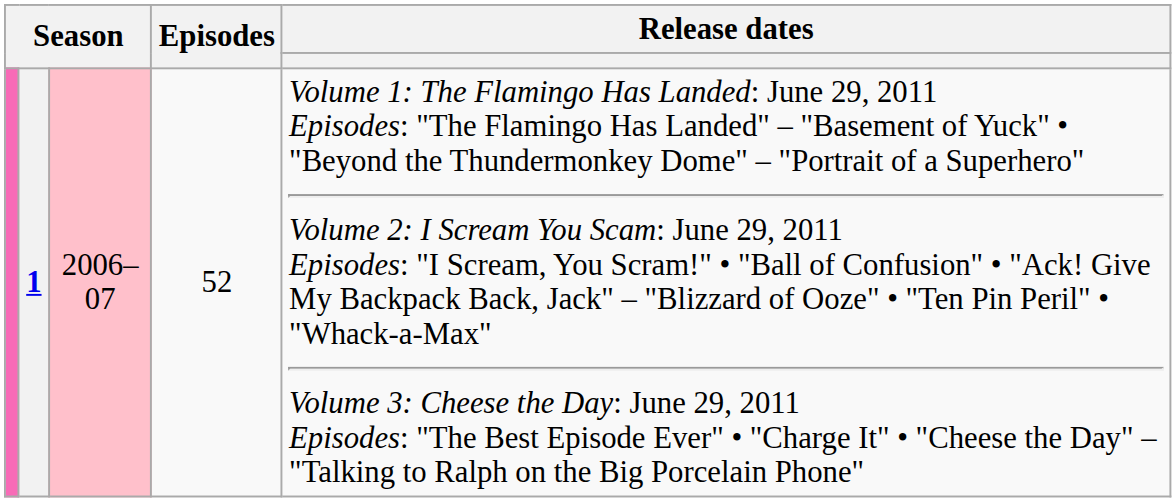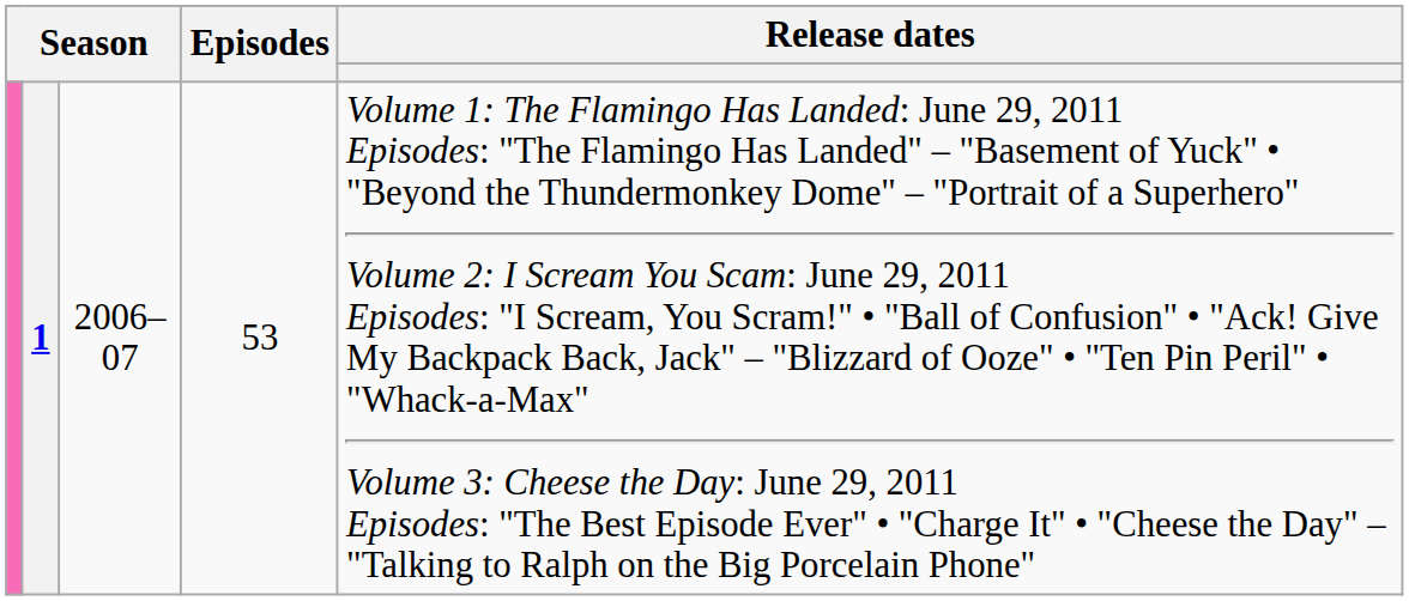 <table class="wikitable">
 <tr>
 <th colspan=3 rowspan=2>Season</th>
 <th rowspan=2>Episodes</th>
 <th>Release dates</th>
 </tr>
 <tr>
 <th></th>
 </tr>
 <tr>
 <th style="background:#F86BB7"></th>
 <th><a href='#'>1</a></th>
-<td style="background: pink; text-align: center">2006–07</td>
-<td style="text-align: center">52</td>
+<td style="text-align: center">2006–07</td>
+<td style="text-align: center">53</td>
 <td><em>Volume 1: The Flamingo Has Landed</em>: June 29, 2011<br><em>Episodes</em>: "The Flamingo Has Landed" – "Basement of Yuck" • "Beyond the Thundermonkey Dome" – "Portrait of a Superhero"<hr><em>Volume 2: I Scream You Scam</em>: June 29, 2011<br><em>Episodes</em>: "I Scream, You Scram!" • "Ball of Confusion" • "Ack! Give My Backpack Back, Jack" – "Blizzard of Ooze" • "Ten Pin Peril" • "Whack-a-Max"<hr><em>Volume 3: Cheese the Day</em>: June 29, 2011<br><em>Episodes</em>: "The Best Episode Ever" • "Charge It" • "Cheese the Day" – "Talking to Ralph on the Big Porcelain Phone"</td>
 </tr>
 </table>
